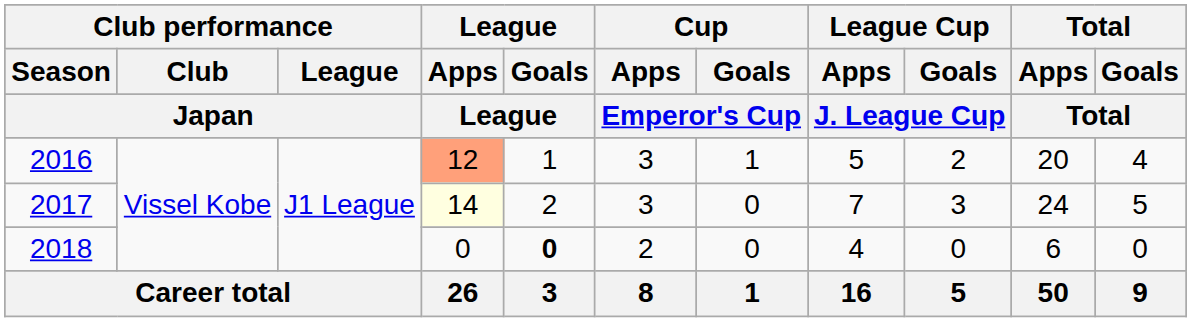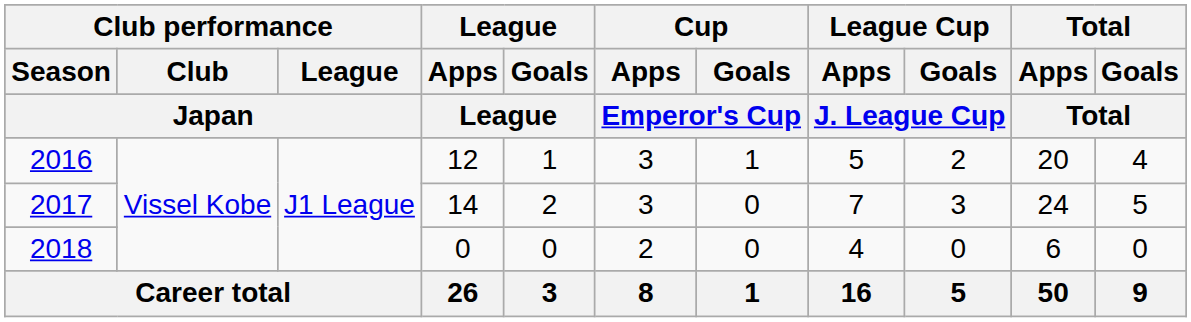 <table class="wikitable" style="text-align:center">
 <tr>
 <th colspan=3>Club performance</th>
 <th colspan=2>League</th>
 <th colspan=2>Cup</th>
 <th colspan=2>League Cup</th>
 <th colspan=2>Total</th>
 </tr>
 <tr>
 <th>Season</th>
 <th>Club</th>
 <th>League</th>
 <th>Apps</th>
 <th>Goals</th>
 <th>Apps</th>
 <th>Goals</th>
 <th>Apps</th>
 <th>Goals</th>
 <th>Apps</th>
 <th>Goals</th>
 </tr>
 <tr>
 <th colspan=3>Japan</th>
 <th colspan=2>League</th>
 <th colspan=2><a href='#'>Emperor's Cup</a></th>
 <th colspan=2><a href='#'>J. League Cup</a></th>
 <th colspan=2>Total</th>
 </tr>
 <tr>
 <td><a href='#'>2016</a></td>
 <td rowspan="3"><a href='#'>Vissel Kobe</a></td>
 <td rowspan="3"><a href='#'>J1 League</a></td>
-<td style="background: lightsalmon;">12</td>
+<td>12</td>
 <td>1</td>
 <td>3</td>
 <td>1</td>
 <td>5</td>
 <td>2</td>
 <td>20</td>
 <td>4</td>
 </tr>
 <tr>
 <td><a href='#'>2017</a></td>
-<td style="background: lightyellow;">14</td>
+<td>14</td>
 <td>2</td>
 <td>3</td>
 <td>0</td>
 <td>7</td>
 <td>3</td>
 <td>24</td>
 <td>5</td>
 </tr>
 <tr>
 <td><a href='#'>2018</a></td>
 <td>0</td>
-<td><strong>0</strong></td>
+<td>0</td>
 <td>2</td>
 <td>0</td>
 <td>4</td>
 <td>0</td>
 <td>6</td>
 <td>0</td>
 </tr>
 <tr>
 <th colspan=3>Career total</th>
 <th>26</th>
 <th>3</th>
 <th>8</th>
 <th>1</th>
 <th>16</th>
 <th>5</th>
 <th>50</th>
 <th>9</th>
 </tr>
 </table>
